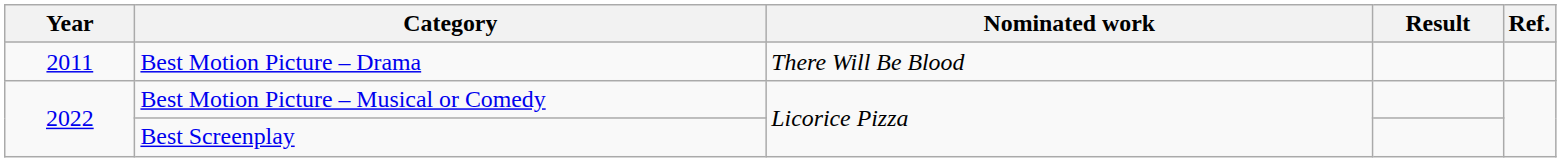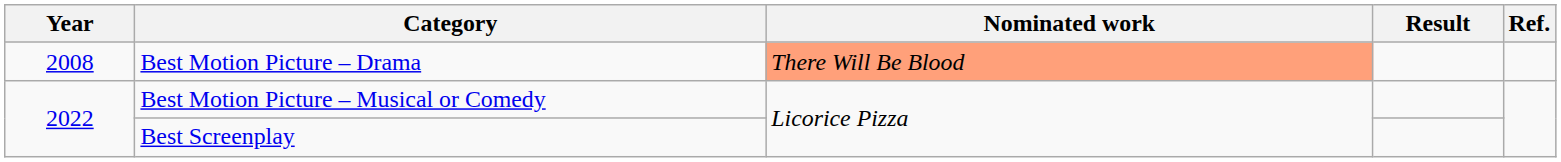 <table class=wikitable>
 <tr>
 <th scope="col" style="width:5em;">Year</th>
 <th scope="col" style="width:26em;">Category</th>
 <th scope="col" style="width:25em;">Nominated work</th>
 <th scope="col" style="width:5em;">Result</th>
 <th>Ref.</th>
 </tr>
 <tr>
-<td style="text-align:center;"><a href='#'>2011</a></td>
+<td style="text-align:center;"><a href='#'>2008</a></td>
 <td><a href='#'>Best Motion Picture – Drama</a></td>
-<td><em>There Will Be Blood</em></td>
+<td style="background: lightsalmon;"><em>There Will Be Blood</em></td>
 <td></td>
 <td></td>
 </tr>
 <tr>
 <td style="text-align:center;" rowspan="2"><a href='#'>2022</a></td>
 <td><a href='#'>Best Motion Picture – Musical or Comedy</a></td>
 <td rowspan="2"><em>Licorice Pizza</em></td>
 <td></td>
 <td rowspan="2"></td>
 </tr>
 <tr>
 <td><a href='#'>Best Screenplay</a></td>
 <td></td>
 </tr>
 </table>
